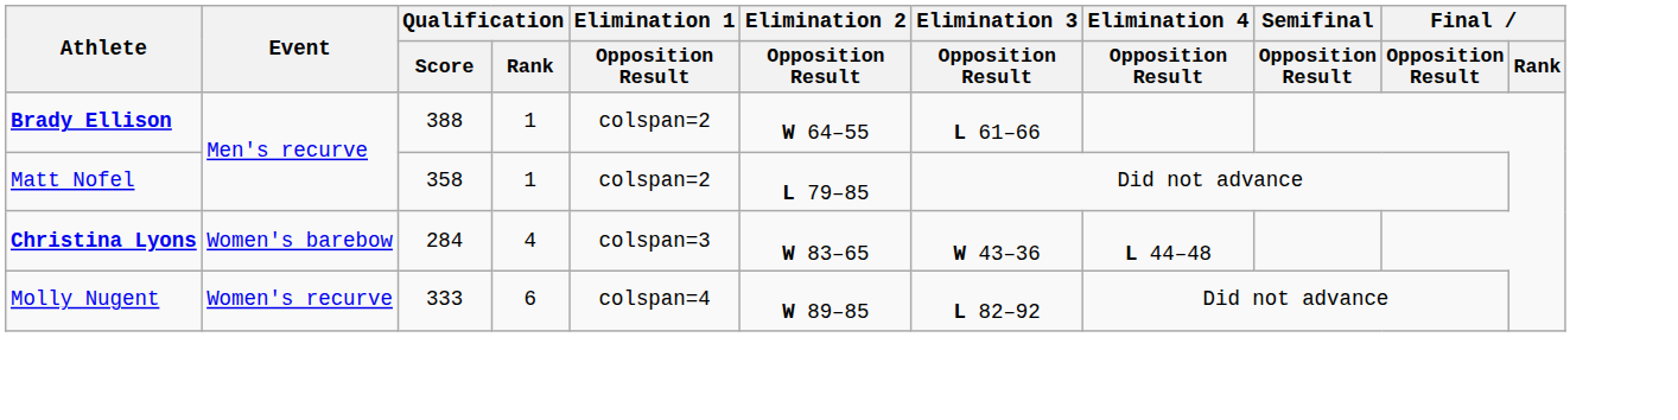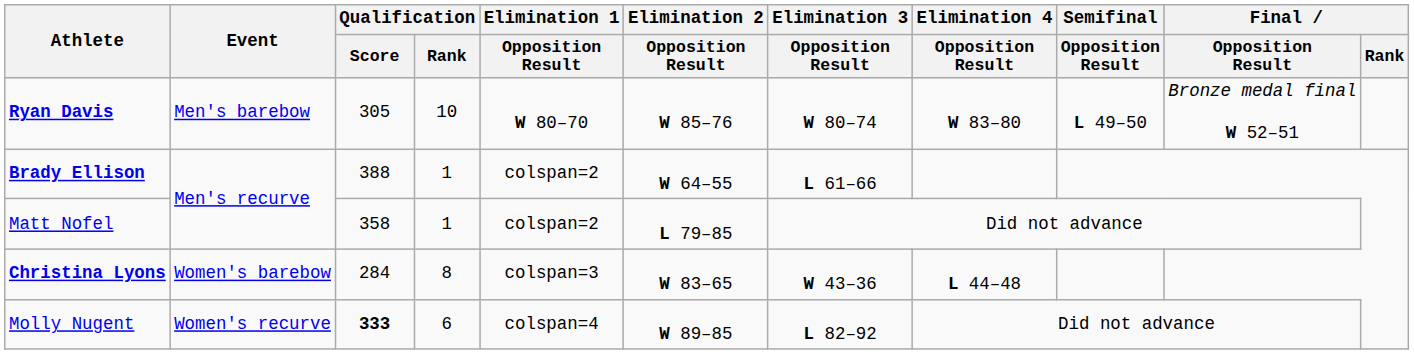 <table class=wikitable style=font-size:90%;text-align:center>
 <tr>
 <th rowspan=2>Athlete</th>
 <th rowspan=2>Event</th>
 <th colspan=2>Qualification</th>
 <th>Elimination 1</th>
 <th>Elimination 2</th>
 <th>Elimination 3</th>
 <th>Elimination 4</th>
 <th>Semifinal</th>
 <th colspan=2>Final / </th>
 </tr>
 <tr style=font-size:95%>
 <th>Score</th>
 <th>Rank</th>
 <th>Opposition<br>Result</th>
 <th>Opposition<br>Result</th>
 <th>Opposition<br>Result</th>
 <th>Opposition<br>Result</th>
 <th>Opposition<br>Result</th>
 <th>Opposition<br>Result</th>
 <th>Rank</th>
 </tr>
 <tr>
+<td align=left><strong><a href='#'>Ryan Davis</a></strong></td>
+<td align=left><a href='#'>Men's barebow</a></td>
+<td>305</td>
+<td>10</td>
+<td><br><strong>W</strong> 80–70</td>
+<td><br><strong>W</strong> 85–76</td>
+<td><br><strong>W</strong> 80–74</td>
+<td><br><strong>W</strong> 83–80</td>
+<td><br><strong>L</strong> 49–50</td>
+<td><em>Bronze medal final</em><br><br><strong>W</strong> 52–51</td>
+<td></td>
+</tr>
+<tr>
 <td align=left><strong><a href='#'>Brady Ellison</a></strong></td>
 <td align=left rowspan=2><a href='#'>Men's recurve</a></td>
 <td>388</td>
 <td>1</td>
 <td>colspan=2 </td>
 <td><br><strong>W</strong> 64–55</td>
 <td><br><strong>L</strong> 61–66</td>
 <td></td>
 </tr>
 <tr>
 <td align=left><a href='#'>Matt Nofel</a></td>
 <td>358</td>
 <td>1</td>
 <td>colspan=2 </td>
 <td><br><strong>L</strong> 79–85</td>
 <td colspan=4>Did not advance</td>
 </tr>
 <tr>
 <td align=left><strong><a href='#'>Christina Lyons</a></strong></td>
 <td align=left><a href='#'>Women's barebow</a></td>
 <td>284</td>
-<td>4</td>
+<td>8</td>
 <td>colspan=3 </td>
 <td><br><strong>W</strong> 83–65</td>
 <td><br><strong>W</strong> 43–36</td>
 <td><br><strong>L</strong> 44–48</td>
 <td></td>
 </tr>
 <tr>
 <td align=left><a href='#'>Molly Nugent</a></td>
 <td align=left><a href='#'>Women's recurve</a></td>
-<td>333</td>
+<td><strong>333</strong></td>
 <td>6</td>
 <td>colspan=4 </td>
 <td><br><strong>W</strong> 89–85</td>
 <td><br><strong>L</strong> 82–92</td>
 <td colspan=3>Did not advance</td>
 </tr>
 </table>
